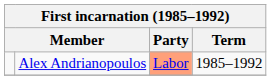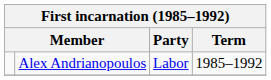 <table class="wikitable">
 <tr>
 <th colspan="4">First incarnation (1985–1992)</th>
 </tr>
 <tr>
 <th colspan="2">Member</th>
 <th>Party</th>
 <th>Term</th>
 </tr>
 <tr>
 <td> </td>
 <td><a href='#'>Alex Andrianopoulos</a></td>
-<td style="background: lightsalmon;"><a href='#'>Labor</a></td>
+<td><a href='#'>Labor</a></td>
 <td>1985–1992</td>
 </tr>
 <tr>
 </tr>
 </table>
